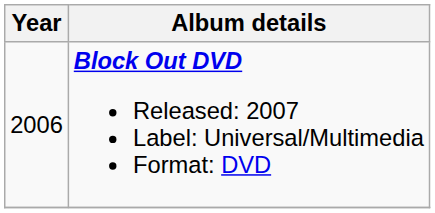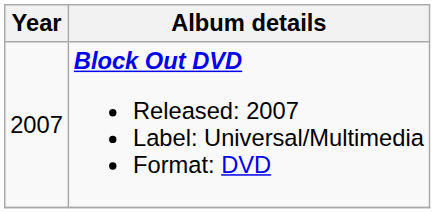 <table class ="wikitable">
 <tr>
 <th>Year</th>
 <th>Album details</th>
 </tr>
 <tr>
-<td align="center" rowspan="1">2006</td>
+<td align="center" rowspan="1">2007</td>
 <td><strong><em><a href='#'>Block Out DVD</a></em></strong><br><ul><li>Released: 2007</li><li>Label: Universal/Multimedia</li><li>Format: <a href='#'>DVD</a></li></ul></td>
 </tr>
 <tr>
 </tr>
 </table>
